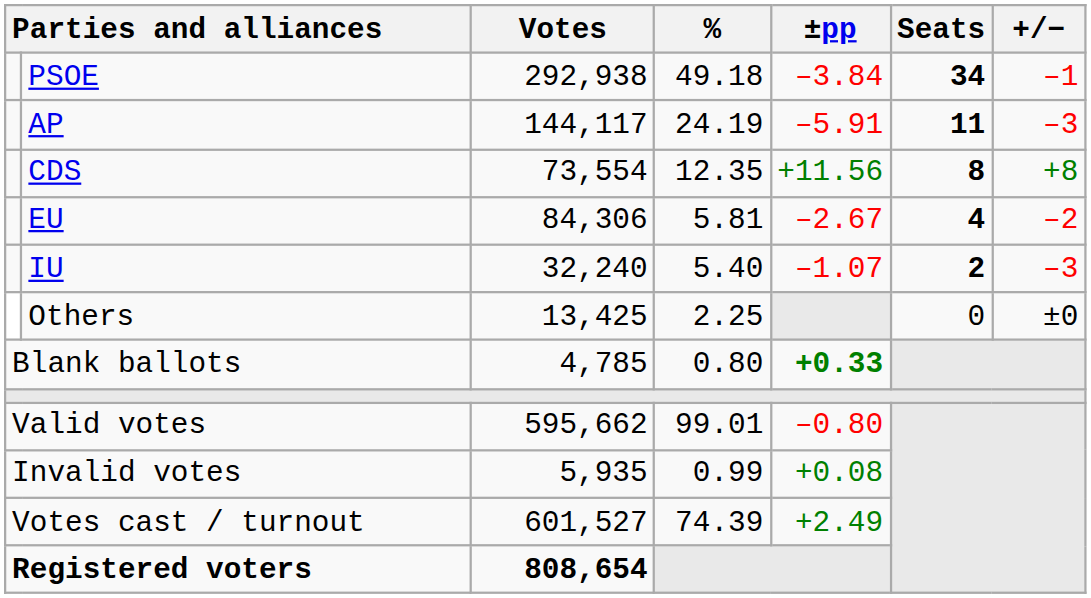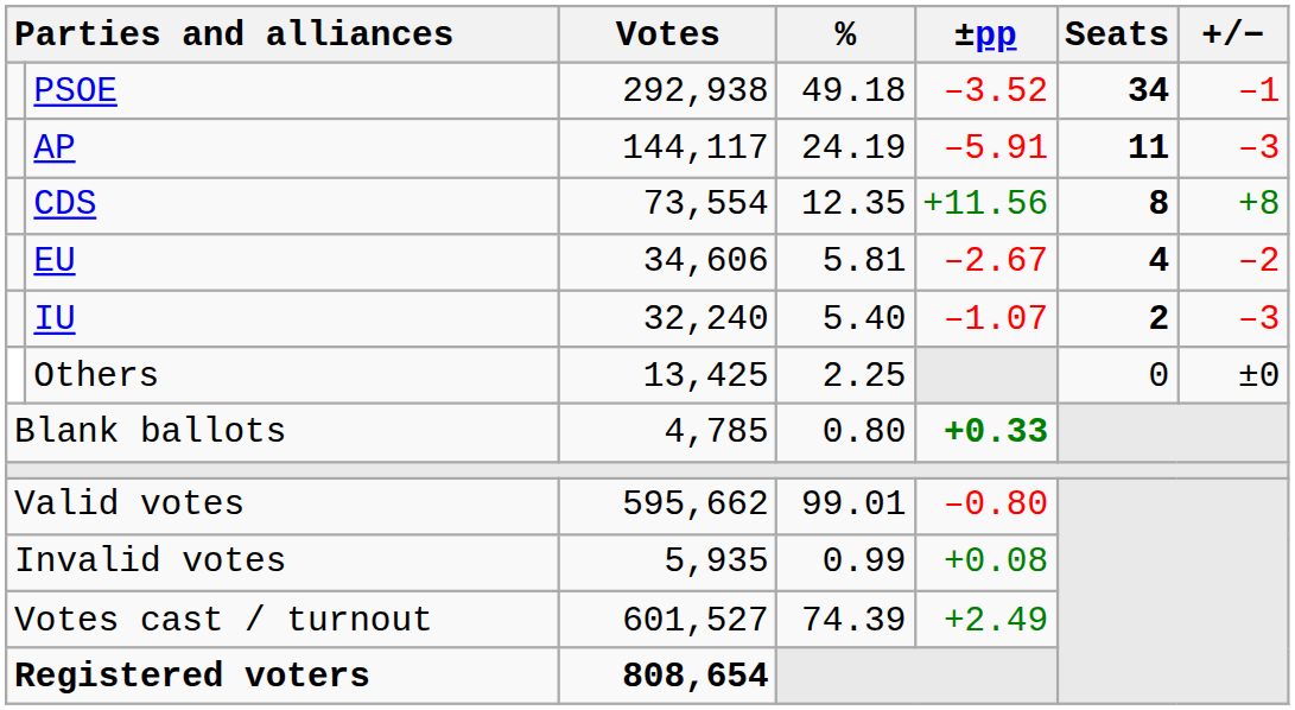 <table class="wikitable" style="text-align:right;">
 <tr>
 <th style="text-align:left;" colspan="2" width="200">Parties and alliances</th>
 <th width="75">Votes</th>
 <th width="45">%</th>
 <th width="45">±<a href='#'>pp</a></th>
 <th width="35">Seats</th>
 <th width="35">+/−</th>
 </tr>
 <tr>
 <td width="1" style="color:inherit;background:"></td>
 <td align="left"><a href='#'>PSOE</a></td>
 <td>292,938</td>
 <td>49.18</td>
-<td style="color:red;">–3.84</td>
+<td style="color:red;">–3.52</td>
 <td><strong>34</strong></td>
 <td style="color:red;">–1</td>
 </tr>
 <tr>
 <td style="color:inherit;background:"></td>
 <td align="left"><a href='#'>AP</a></td>
 <td>144,117</td>
 <td>24.19</td>
 <td style="color:red;">–5.91</td>
 <td><strong>11</strong></td>
 <td style="color:red;">–3</td>
 </tr>
 <tr>
 <td style="color:inherit;background:"></td>
 <td align="left"><a href='#'>CDS</a></td>
 <td>73,554</td>
 <td>12.35</td>
 <td style="color:green;">+11.56</td>
 <td><strong>8</strong></td>
 <td style="color:green;">+8</td>
 </tr>
 <tr>
 <td style="color:inherit;background:"></td>
 <td align="left"><a href='#'>EU</a></td>
-<td>84,306</td>
+<td>34,606</td>
 <td>5.81</td>
 <td style="color:red;">–2.67</td>
 <td><strong>4</strong></td>
 <td style="color:red;">–2</td>
 </tr>
 <tr>
 <td style="color:inherit;background:"></td>
 <td align="left"><a href='#'>IU</a></td>
 <td>32,240</td>
 <td>5.40</td>
 <td style="color:red;">–1.07</td>
 <td><strong>2</strong></td>
 <td style="color:red;">–3</td>
 </tr>
 <tr>
 <td bgcolor="white"></td>
 <td align="left">Others</td>
 <td>13,425</td>
 <td>2.25</td>
 <td bgcolor="#E9E9E9"></td>
 <td>0</td>
 <td>±0</td>
 </tr>
 <tr>
 <td align="left" colspan="2">Blank ballots</td>
 <td>4,785</td>
 <td>0.80</td>
 <td style="color:green;"><strong>+0.33</strong></td>
 <td bgcolor="#E9E9E9" colspan="2"></td>
 </tr>
 <tr>
 <td colspan="7" bgcolor="#E9E9E9"></td>
 </tr>
 <tr>
 <td align="left" colspan="2">Valid votes</td>
 <td>595,662</td>
 <td>99.01</td>
 <td style="color:red;">–0.80</td>
 <td bgcolor="#E9E9E9" colspan="2" rowspan="4"></td>
 </tr>
 <tr>
 <td align="left" colspan="2">Invalid votes</td>
 <td>5,935</td>
 <td>0.99</td>
 <td style="color:green;">+0.08</td>
 </tr>
 <tr>
 <td align="left" colspan="2">Votes cast / turnout</td>
 <td>601,527</td>
 <td>74.39</td>
 <td style="color:green;">+2.49</td>
 </tr>
 <tr style="font-weight:bold;">
 <td align="left" colspan="2">Registered voters</td>
 <td>808,654</td>
 <td bgcolor="#E9E9E9" colspan="2"></td>
 </tr>
 </table>
